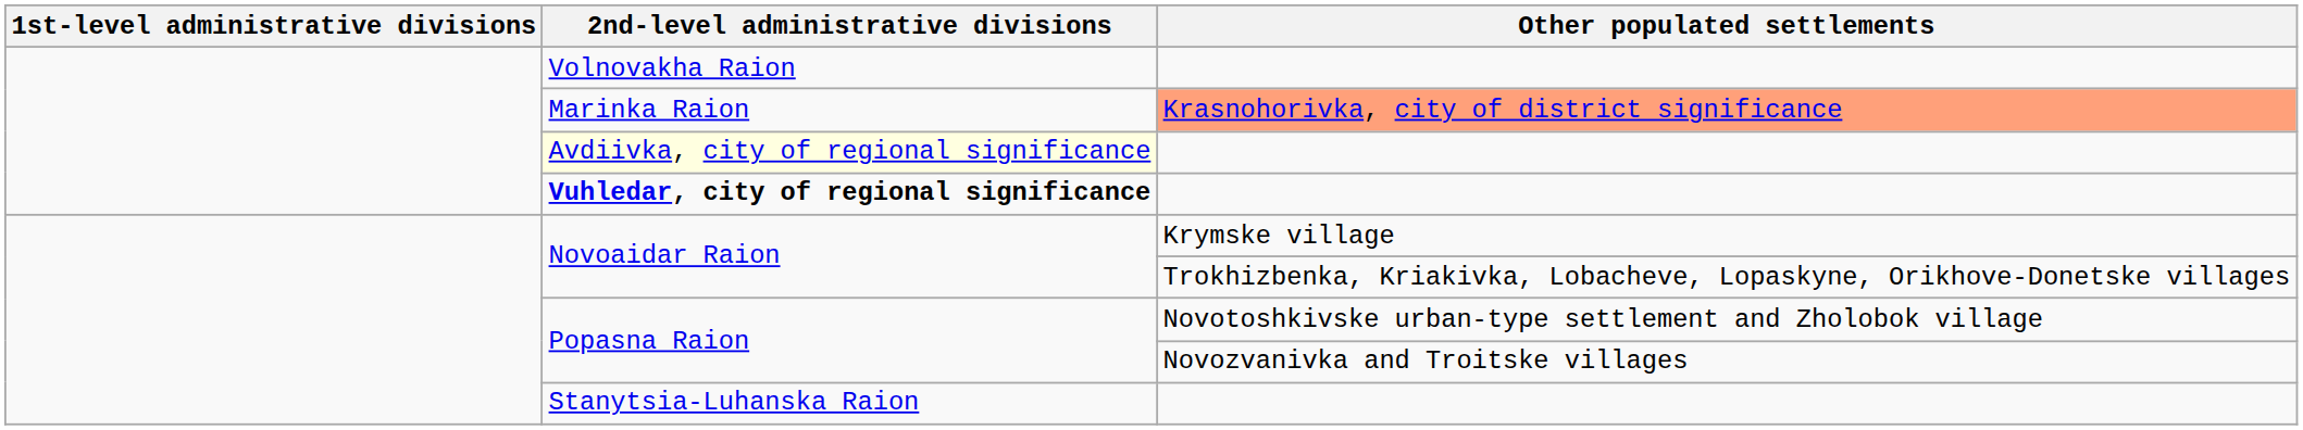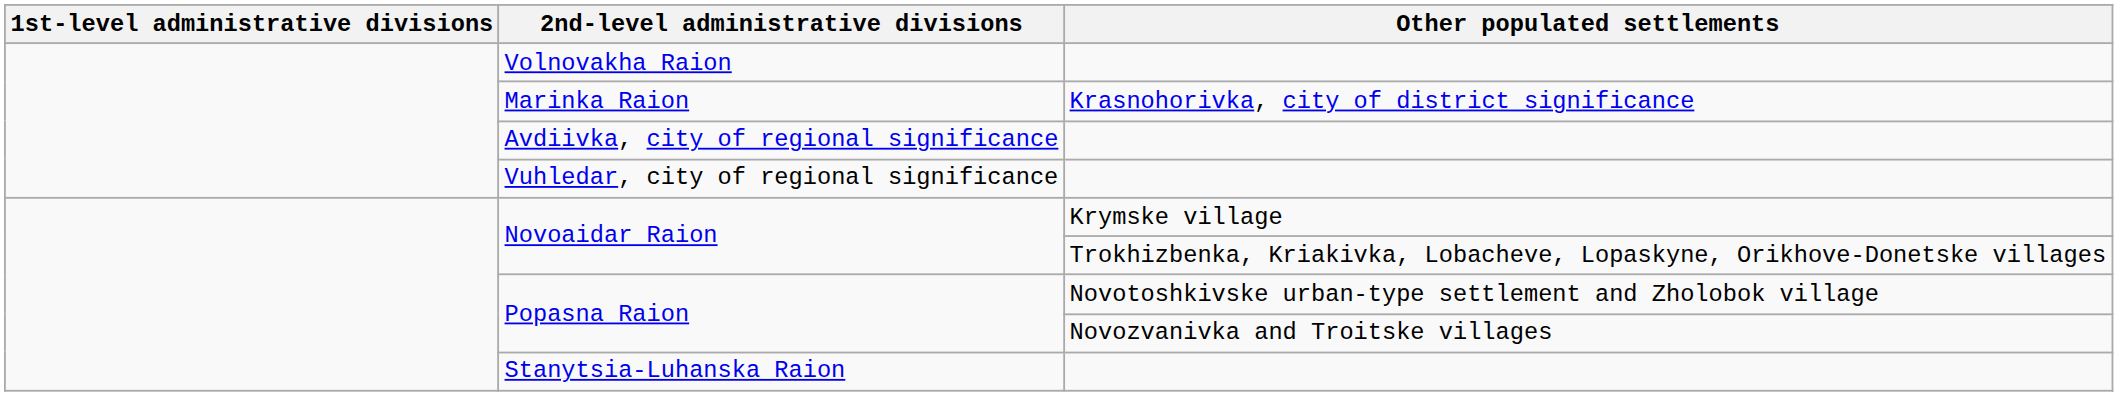 <table class="wikitable">
 <tr>
 <th>1st-level administrative divisions</th>
 <th>2nd-level administrative divisions</th>
 <th>Other populated settlements</th>
 </tr>
 <tr>
 <td rowspan=4></td>
 <td><a href='#'>Volnovakha Raion</a></td>
 <td></td>
 </tr>
 <tr>
 <td><a href='#'>Marinka Raion</a></td>
-<td style="background: lightsalmon;"><a href='#'>Krasnohorivka</a>, <a href='#'>city of district significance</a></td>
+<td><a href='#'>Krasnohorivka</a>, <a href='#'>city of district significance</a></td>
 </tr>
 <tr>
-<td style="background: lightyellow;"><a href='#'>Avdiivka</a>, <a href='#'>city of regional significance</a></td>
+<td><a href='#'>Avdiivka</a>, <a href='#'>city of regional significance</a></td>
 <td></td>
 </tr>
 <tr>
-<td><strong><a href='#'>Vuhledar</a>, city of regional significance</strong></td>
+<td><a href='#'>Vuhledar</a>, city of regional significance</td>
 <td></td>
 </tr>
 <tr>
 <td rowspan=5></td>
 <td rowspan=2><a href='#'>Novoaidar Raion</a></td>
 <td>Krymske village</td>
 </tr>
 <tr>
 <td>Trokhizbenka, Kriakivka, Lobacheve, Lopaskyne, Orikhove-Donetske villages</td>
 </tr>
 <tr>
 <td rowspan=2><a href='#'>Popasna Raion</a></td>
 <td>Novotoshkivske urban-type settlement and Zholobok village</td>
 </tr>
 <tr>
 <td>Novozvanivka and Troitske villages</td>
 </tr>
 <tr>
 <td><a href='#'>Stanytsia-Luhanska Raion</a></td>
 <td></td>
 </tr>
 </table>
